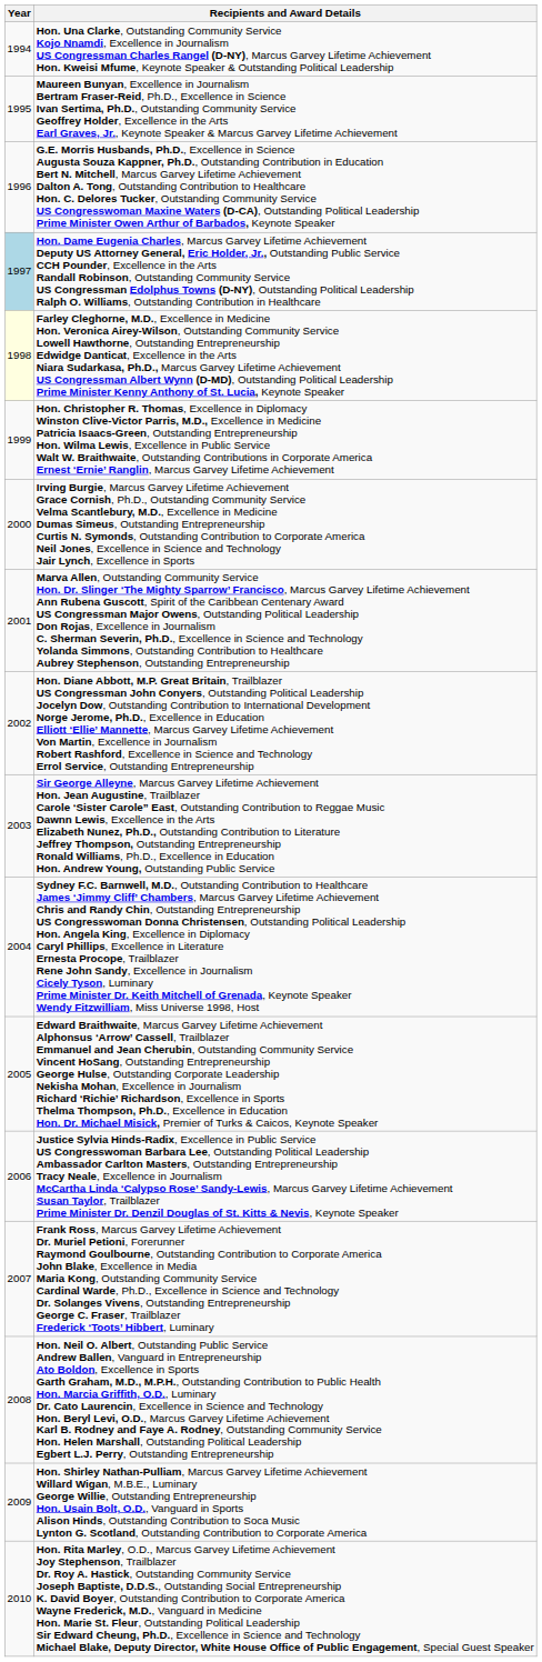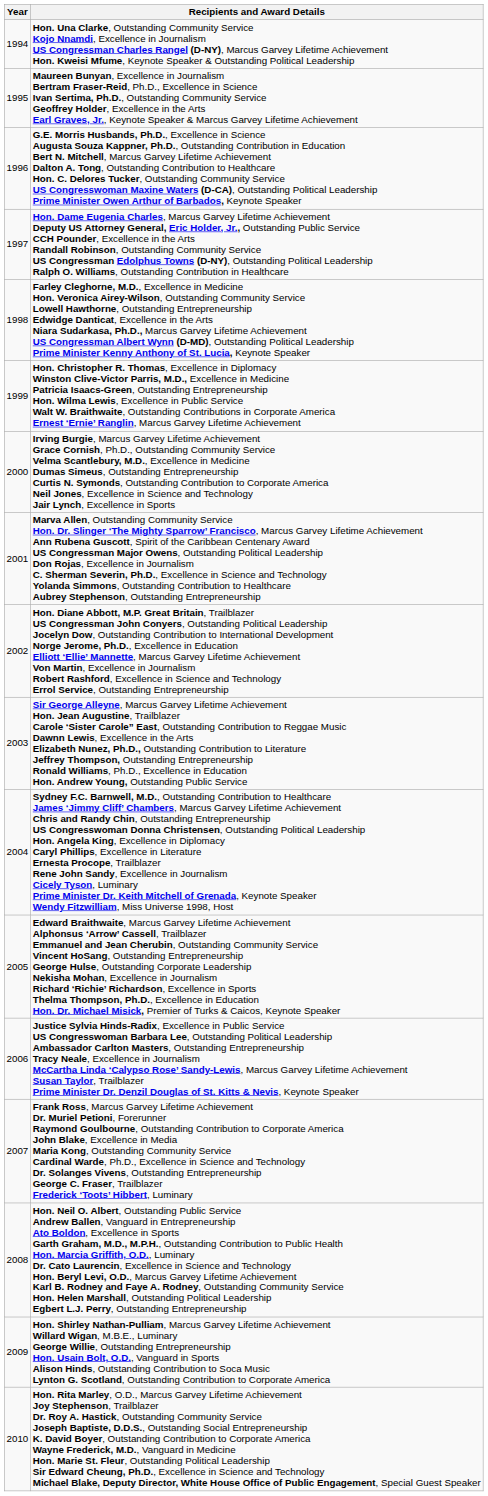 <table class="wikitable">
 <tr>
 <th>Year</th>
 <th>Recipients and Award Details</th>
 </tr>
 <tr>
 <td>1994</td>
 <td><strong>Hon. Una Clarke</strong>, Outstanding Community Service<br><strong><a href='#'>Kojo Nnamdi</a></strong>, Excellence in Journalism<br><strong><a href='#'>US Congressman Charles Rangel</a> (D-NY)</strong>, Marcus Garvey Lifetime Achievement<br><strong>Hon. Kweisi Mfume</strong>, Keynote Speaker & Outstanding Political Leadership</td>
 </tr>
 <tr>
 <td>1995</td>
 <td><strong>Maureen Bunyan</strong>, Excellence in Journalism<br><strong>Bertram Fraser-Reid</strong>, Ph.D., Excellence in Science<br><strong>Ivan Sertima, Ph.D.</strong>, Outstanding Community Service<br><strong>Geoffrey Holder</strong>, Excellence in the Arts<br><a href='#'><strong>Earl Graves, Jr.</strong></a>, Keynote Speaker & Marcus Garvey Lifetime Achievement</td>
 </tr>
 <tr>
 <td>1996</td>
 <td><strong>G.E. Morris Husbands, Ph.D.</strong>, Excellence in Science<br><strong>Augusta Souza Kappner, Ph.D.</strong>, Outstanding Contribution in Education<br><strong>Bert N. Mitchell</strong>, Marcus Garvey Lifetime Achievement<br><strong>Dalton A. Tong</strong>, Outstanding Contribution to Healthcare<br><strong>Hon. C. Delores Tucker</strong>, Outstanding Community Service<br><strong><a href='#'>US Congresswoman Maxine Waters</a> (D-CA)</strong>, Outstanding Political Leadership<br><strong><a href='#'>Prime Minister Owen Arthur of Barbados</a>,</strong> Keynote Speaker</td>
 </tr>
 <tr>
-<td style="background: lightblue;">1997</td>
+<td>1997</td>
 <td><strong><a href='#'>Hon. Dame Eugenia Charles</a></strong>, Marcus Garvey Lifetime Achievement<br><strong>Deputy US Attorney General, <a href='#'>Eric Holder, Jr.</a>,</strong> Outstanding Public Service<br><strong>CCH Pounder</strong>, Excellence in the Arts<br><strong>Randall Robinson</strong>, Outstanding Community Service<br><strong>US Congressman <a href='#'>Edolphus Towns</a> (D-NY)</strong>, Outstanding Political Leadership<br><strong>Ralph O. Williams</strong>, Outstanding Contribution in Healthcare</td>
 </tr>
 <tr>
-<td style="background: lightyellow;">1998</td>
+<td>1998</td>
 <td><strong>Farley Cleghorne, M.D.</strong>, Excellence in Medicine<br><strong>Hon. Veronica Airey-Wilson</strong>, Outstanding Community Service<br><strong>Lowell Hawthorne</strong>, Outstanding Entrepreneurship<br><strong>Edwidge Danticat</strong>, Excellence in the Arts<br><strong>Niara Sudarkasa, Ph.D.,</strong> Marcus Garvey Lifetime Achievement<br><strong><a href='#'>US Congressman Albert Wynn</a> (D-MD)</strong>, Outstanding Political Leadership<br><strong><a href='#'>Prime Minister Kenny Anthony of St. Lucia</a>,</strong> Keynote Speaker</td>
 </tr>
 <tr>
 <td>1999</td>
 <td><strong>Hon. Christopher R. Thomas</strong>, Excellence in Diplomacy<br><strong>Winston Clive-Victor Parris, M.D.,</strong> Excellence in Medicine<br><strong>Patricia Isaacs-Green</strong>, Outstanding Entrepreneurship<br><strong>Hon. Wilma Lewis</strong>, Excellence in Public Service<br><strong>Walt W. Braithwaite</strong>, Outstanding Contributions in Corporate America<br><strong><a href='#'>Ernest ‘Ernie’ Ranglin</a></strong>, Marcus Garvey Lifetime Achievement</td>
 </tr>
 <tr>
 <td>2000</td>
 <td><strong>Irving Burgie</strong>, Marcus Garvey Lifetime Achievement<br><strong>Grace Cornish</strong>, Ph.D., Outstanding Community Service<br><strong>Velma Scantlebury, M.D.</strong>, Excellence in Medicine<br><strong>Dumas Simeus</strong>, Outstanding Entrepreneurship<br><strong>Curtis N. Symonds</strong>, Outstanding Contribution to Corporate America<br><strong>Neil Jones</strong>, Excellence in Science and Technology<br><strong>Jair Lynch</strong>, Excellence in Sports</td>
 </tr>
 <tr>
 <td>2001</td>
 <td><strong>Marva Allen</strong>, Outstanding Community Service<br><strong><a href='#'>Hon. Dr. Slinger ‘The Mighty Sparrow’ Francisco</a></strong>, Marcus Garvey Lifetime Achievement<br><strong>Ann Rubena Guscott</strong>, Spirit of the Caribbean Centenary Award<br><strong>US Congressman Major Owens</strong>, Outstanding Political Leadership<br><strong>Don Rojas</strong>, Excellence in Journalism<br><strong>C. Sherman Severin, Ph.D.</strong>, Excellence in Science and Technology<br><strong>Yolanda Simmons</strong>, Outstanding Contribution to Healthcare<br><strong>Aubrey Stephenson</strong>, Outstanding Entrepreneurship</td>
 </tr>
 <tr>
 <td>2002</td>
 <td><strong>Hon. Diane Abbott, M.P. Great Britain</strong>, Trailblazer<br><strong>US Congressman John Conyers</strong>, Outstanding Political Leadership<br><strong>Jocelyn Dow</strong>, Outstanding Contribution to International Development<br><strong>Norge Jerome, Ph.D.</strong>, Excellence in Education<br><strong><a href='#'>Elliott ‘Ellie’ Mannette</a></strong>, Marcus Garvey Lifetime Achievement<br><strong>Von Martin</strong>, Excellence in Journalism<br><strong>Robert Rashford</strong>, Excellence in Science and Technology<br><strong>Errol Service</strong>, Outstanding Entrepreneurship</td>
 </tr>
 <tr>
 <td>2003</td>
 <td><strong><a href='#'>Sir George Alleyne</a></strong>, Marcus Garvey Lifetime Achievement<br><strong>Hon. Jean Augustine</strong>, Trailblazer<br><strong>Carole ‘Sister Carole” East</strong>, Outstanding Contribution to Reggae Music<br><strong>Dawnn Lewis</strong>, Excellence in the Arts<br><strong>Elizabeth Nunez, Ph.D.,</strong> Outstanding Contribution to Literature<br><strong>Jeffrey Thompson,</strong> Outstanding Entrepreneurship<br><strong>Ronald Williams</strong>, Ph.D., Excellence in Education<br><strong>Hon. Andrew Young,</strong> Outstanding Public Service</td>
 </tr>
 <tr>
 <td>2004</td>
 <td><strong>Sydney F.C. Barnwell, M.D.</strong>, Outstanding Contribution to Healthcare<br><strong><a href='#'>James ‘Jimmy Cliff’ Chambers</a></strong>, Marcus Garvey Lifetime Achievement<br><strong>Chris and Randy Chin</strong>, Outstanding Entrepreneurship<br><strong>US Congresswoman Donna Christensen</strong>, Outstanding Political Leadership<br><strong>Hon. Angela King</strong>, Excellence in Diplomacy<br><strong>Caryl Phillips</strong>, Excellence in Literature<br><strong>Ernesta Procope</strong>, Trailblazer<br><strong>Rene John Sandy</strong>, Excellence in Journalism<br><strong><a href='#'>Cicely Tyson</a></strong>, Luminary<br><strong><a href='#'>Prime Minister Dr. Keith Mitchell of Grenada</a></strong>, Keynote Speaker<br><strong><a href='#'>Wendy Fitzwilliam</a></strong>, Miss Universe 1998, Host</td>
 </tr>
 <tr>
 <td>2005</td>
 <td><strong>Edward Braithwaite</strong>, Marcus Garvey Lifetime Achievement<br><strong>Alphonsus ‘Arrow’ Cassell</strong>, Trailblazer<br><strong>Emmanuel and Jean Cherubin</strong>, Outstanding Community Service<br><strong>Vincent HoSang</strong>, Outstanding Entrepreneurship<br><strong>George Hulse</strong>, Outstanding Corporate Leadership<br><strong>Nekisha Mohan</strong>, Excellence in Journalism<br><strong>Richard ‘Richie’ Richardson</strong>, Excellence in Sports<br><strong>Thelma Thompson, Ph.D.</strong>, Excellence in Education<br><strong><a href='#'>Hon. Dr. Michael Misick</a>,</strong> Premier of Turks & Caicos, Keynote Speaker</td>
 </tr>
 <tr>
 <td>2006</td>
 <td><strong>Justice Sylvia Hinds-Radix</strong>, Excellence in Public Service<br><strong>US Congresswoman Barbara Lee</strong>, Outstanding Political Leadership<br><strong>Ambassador Carlton Masters</strong>, Outstanding Entrepreneurship<br><strong>Tracy Neale</strong>, Excellence in Journalism<br><strong><a href='#'>McCartha Linda ‘Calypso Rose’ Sandy-Lewis</a></strong>, Marcus Garvey Lifetime Achievement<br><strong><a href='#'>Susan Taylor</a></strong>, Trailblazer<br><strong><a href='#'>Prime Minister Dr. Denzil Douglas of St. Kitts & Nevis</a></strong>, Keynote Speaker</td>
 </tr>
 <tr>
 <td>2007</td>
 <td><strong>Frank Ross</strong>, Marcus Garvey Lifetime Achievement<br><strong>Dr. Muriel Petioni</strong>, Forerunner<br><strong>Raymond Goulbourne</strong>, Outstanding Contribution to Corporate America<br><strong>John Blake</strong>, Excellence in Media<br><strong>Maria Kong</strong>, Outstanding Community Service<br><strong>Cardinal Warde</strong>, Ph.D., Excellence in Science and Technology<br><strong>Dr. Solanges Vivens</strong>, Outstanding Entrepreneurship<br><strong>George C. Fraser</strong>, Trailblazer<br><strong><a href='#'>Frederick ‘Toots’ Hibbert</a></strong>, Luminary</td>
 </tr>
 <tr>
 <td>2008</td>
 <td><strong>Hon. Neil O. Albert</strong>, Outstanding Public Service<br><strong>Andrew Ballen</strong>, Vanguard in Entrepreneurship<br><strong><a href='#'>Ato Boldon</a></strong>, Excellence in Sports<br><strong>Garth Graham, M.D., M.P.H.</strong>, Outstanding Contribution to Public Health<br><strong><a href='#'>Hon. Marcia Griffith, O.D.</a></strong>, Luminary<br><strong>Dr. Cato Laurencin</strong>, Excellence in Science and Technology<br><strong>Hon. Beryl Levi, O.D.</strong>, Marcus Garvey Lifetime Achievement<br><strong>Karl B. Rodney and Faye A. Rodney</strong>, Outstanding Community Service<br><strong>Hon. Helen Marshall</strong>, Outstanding Political Leadership<br><strong>Egbert L.J. Perry</strong>, Outstanding Entrepreneurship</td>
 </tr>
 <tr>
 <td>2009</td>
 <td><strong>Hon. Shirley Nathan-Pulliam</strong>, Marcus Garvey Lifetime Achievement<br><strong>Willard Wigan</strong>, M.B.E., Luminary<br><strong>George Willie</strong>, Outstanding Entrepreneurship<br><a href='#'><strong>Hon. Usain Bolt, O.D.</strong></a>, Vanguard in Sports<br><strong>Alison Hinds</strong>, Outstanding Contribution to Soca Music<br><strong>Lynton G. Scotland</strong>, Outstanding Contribution to Corporate America</td>
 </tr>
 <tr>
 <td>2010</td>
 <td><strong>Hon. Rita Marley</strong>, O.D., Marcus Garvey Lifetime Achievement<br><strong>Joy Stephenson</strong>, Trailblazer<br><strong>Dr. Roy A. Hastick</strong>, Outstanding Community Service<br><strong>Joseph Baptiste, D.D.S.</strong>, Outstanding Social Entrepreneurship<br><strong>K. David Boyer</strong>, Outstanding Contribution to Corporate America<br><strong>Wayne Frederick, M.D.</strong>, Vanguard in Medicine<br><strong>Hon. Marie St. Fleur</strong>, Outstanding Political Leadership<br><strong>Sir Edward Cheung, Ph.D.</strong>, Excellence in Science and Technology<br><strong>Michael Blake, Deputy Director, White House Office of Public Engagement</strong>, Special Guest Speaker</td>
 </tr>
 </table>
